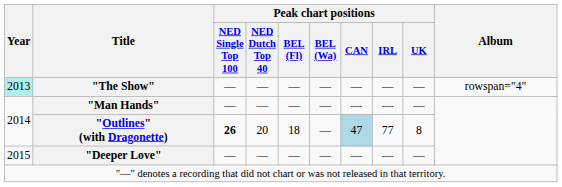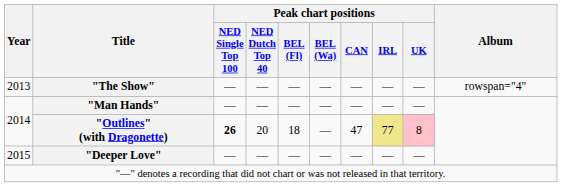 <table class="wikitable plainrowheaders" style="text-align:center;">
 <tr>
 <th scope="col" rowspan="2" style="width:1em;">Year</th>
 <th scope="col" rowspan="2" style="width:15em;">Title</th>
 <th scope="col" colspan="7">Peak chart positions</th>
 <th scope="col" rowspan="2" style="width:10em;">Album</th>
 </tr>
 <tr>
 <th scope="col" style="width:2.5em;font-size:90%;"><a href='#'>NED<br>Single<br>Top 100</a><br></th>
 <th scope="col" style="width:2.5em;font-size:90%;"><a href='#'>NED<br>Dutch<br>Top 40</a><br></th>
 <th scope="col" style="width:2.5em;font-size:90%;"><a href='#'>BEL (Fl)</a><br></th>
 <th scope="col" style="width:2.5em;font-size:90%;"><a href='#'>BEL (Wa)</a><br></th>
 <th scope="col" style="width:2.5em;font-size:90%;"><a href='#'>CAN</a><br></th>
 <th scope="col" style="width:2.5em;font-size:90%;"><a href='#'>IRL</a><br></th>
 <th scope="col" style="width:2.5em;font-size:90%;"><a href='#'>UK</a><br></th>
 </tr>
 <tr>
-<td style="background: paleturquoise;">2013</td>
+<td>2013</td>
 <th scope="row">"The Show"</th>
 <td>—</td>
 <td>—</td>
 <td>—</td>
 <td>—</td>
 <td>—</td>
 <td>—</td>
 <td>—</td>
 <td>rowspan="4" </td>
 </tr>
 <tr>
 <td rowspan="2">2014</td>
 <th scope="row">"Man Hands"</th>
 <td>—</td>
 <td>—</td>
 <td>—</td>
 <td>—</td>
 <td>—</td>
 <td>—</td>
 <td>—</td>
 </tr>
 <tr>
 <th scope="row">"<a href='#'>Outlines</a>" <br><span>(with <a href='#'>Dragonette</a>)</span></th>
 <td><strong>26</strong></td>
 <td>20</td>
 <td>18</td>
 <td>—</td>
-<td style="background: lightblue;">47</td>
-<td>77</td>
-<td>8</td>
+<td>47</td>
+<td style="background: khaki;">77</td>
+<td style="background: pink;">8</td>
 </tr>
 <tr>
 <td>2015</td>
 <th scope="row">"Deeper Love"</th>
 <td>—</td>
 <td>—</td>
 <td>—</td>
 <td>—</td>
 <td>—</td>
 <td>—</td>
 <td>—</td>
 </tr>
 <tr>
 <td colspan="20" style="font-size:90%">"—" denotes a recording that did not chart or was not released in that territory.</td>
 </tr>
 </table>
